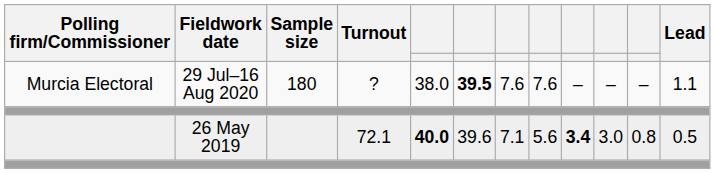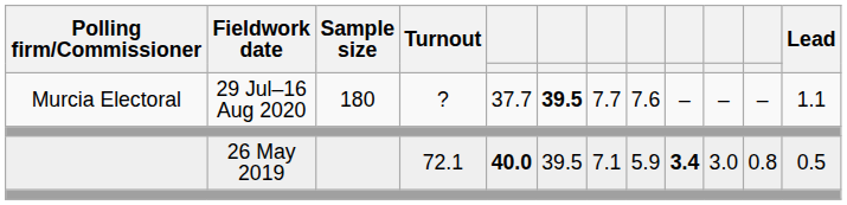 <table class="wikitable collapsible collapsed" style="text-align:center; font-size:95%; line-height:16px;">
 <tr style="height:42px;">
 <th style="width:250px;" rowspan="2">Polling firm/Commissioner</th>
 <th style="width:125px;" rowspan="2">Fieldwork date</th>
 <th style="width:50px;" rowspan="2">Sample size</th>
 <th style="width:45px;" rowspan="2">Turnout</th>
 <th style="width:35px;"></th>
 <th style="width:35px;"></th>
 <th style="width:35px;"></th>
 <th style="width:35px;"></th>
 <th style="width:35px;"></th>
 <th style="width:35px;"></th>
 <th style="width:35px;"></th>
 <th style="width:30px;" rowspan="2">Lead</th>
 </tr>
 <tr>
 <th style="color:inherit;background:"></th>
 <th style="color:inherit;background:"></th>
 <th style="color:inherit;background:"></th>
 <th style="color:inherit;background:"></th>
 <th style="color:inherit;background:"></th>
 <th style="color:inherit;background:"></th>
 <th style="color:inherit;background:"></th>
 </tr>
 <tr>
 <td>Murcia Electoral</td>
 <td>29 Jul–16 Aug 2020</td>
 <td>180</td>
 <td>?</td>
-<td>38.0<br></td>
+<td>37.7<br></td>
 <td><strong>39.5</strong><br></td>
-<td>7.6<br></td>
+<td>7.7<br></td>
 <td>7.6<br></td>
 <td>–</td>
 <td>–</td>
 <td>–</td>
 <td style="background:">1.1</td>
 </tr>
 <tr>
 <td colspan="12" style="background:#A0A0A0"></td>
 </tr>
 <tr style="background:#EFEFEF;">
 <td><strong></strong></td>
 <td>26 May 2019</td>
 <td></td>
 <td>72.1</td>
 <td><strong>40.0</strong><br></td>
-<td>39.6<br></td>
+<td>39.5<br></td>
 <td>7.1<br></td>
-<td>5.6<br></td>
+<td>5.9<br></td>
 <td><strong>3.4<br></strong></td>
 <td>3.0<br></td>
 <td>0.8<br></td>
 <td style="background:">0.5</td>
 </tr>
 <tr>
 <td colspan="12" style="background:#A0A0A0"></td>
 </tr>
 </table>
